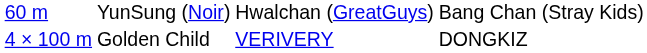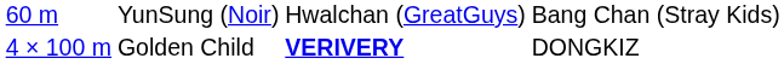 <table>
 <tr>
 <td><a href='#'>60 m</a></td>
 <td>YunSung (<a href='#'>Noir</a>)</td>
 <td>Hwalchan (<a href='#'>GreatGuys</a>)</td>
 <td>Bang Chan (Stray Kids)</td>
 </tr>
 <tr>
 <td><a href='#'>4 × 100 m</a></td>
 <td>Golden Child</td>
-<td><a href='#'>VERIVERY</a></td>
+<td><strong><a href='#'>VERIVERY</a></strong></td>
 <td>DONGKIZ</td>
 </tr>
 </table>
